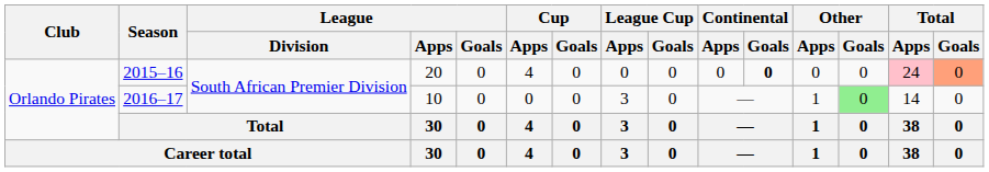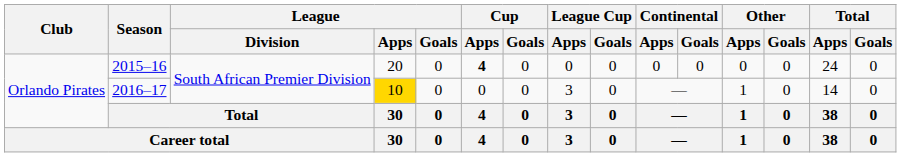 <table class="wikitable" style="text-align:center">
 <tr>
 <th rowspan="2">Club</th>
 <th rowspan="2">Season</th>
 <th colspan="3">League</th>
 <th colspan="2">Cup</th>
 <th colspan="2">League Cup</th>
 <th colspan="2">Continental</th>
 <th colspan="2">Other</th>
 <th colspan="2">Total</th>
 </tr>
 <tr>
 <th>Division</th>
 <th>Apps</th>
 <th>Goals</th>
 <th>Apps</th>
 <th>Goals</th>
 <th>Apps</th>
 <th>Goals</th>
 <th>Apps</th>
 <th>Goals</th>
 <th>Apps</th>
 <th>Goals</th>
 <th>Apps</th>
 <th>Goals</th>
 </tr>
 <tr>
 <td rowspan="3"><a href='#'>Orlando Pirates</a></td>
 <td><a href='#'>2015–16</a></td>
 <td rowspan="2"><a href='#'>South African Premier Division</a></td>
 <td>20</td>
 <td>0</td>
-<td>4</td>
+<td><strong>4</strong></td>
 <td>0</td>
 <td>0</td>
 <td>0</td>
 <td>0</td>
-<td><strong>0</strong></td>
 <td>0</td>
 <td>0</td>
-<td style="background: pink;">24</td>
-<td style="background: lightsalmon;">0</td>
+<td>0</td>
+<td>24</td>
+<td>0</td>
 </tr>
 <tr>
 <td><a href='#'>2016–17</a></td>
-<td>10</td>
+<td style="background: gold;">10</td>
 <td>0</td>
 <td>0</td>
 <td>0</td>
 <td>3</td>
 <td>0</td>
 <td colspan="2">—</td>
 <td>1</td>
-<td style="background: lightgreen;">0</td>
+<td>0</td>
 <td>14</td>
 <td>0</td>
 </tr>
 <tr>
 <th colspan="2">Total</th>
 <th>30</th>
 <th>0</th>
 <th>4</th>
 <th>0</th>
 <th>3</th>
 <th>0</th>
 <th colspan="2">—</th>
 <th>1</th>
 <th>0</th>
 <th>38</th>
 <th>0</th>
 </tr>
 <tr>
 <th colspan="3">Career total</th>
 <th>30</th>
 <th>0</th>
 <th>4</th>
 <th>0</th>
 <th>3</th>
 <th>0</th>
 <th colspan="2">—</th>
 <th>1</th>
 <th>0</th>
 <th>38</th>
 <th>0</th>
 </tr>
 </table>
